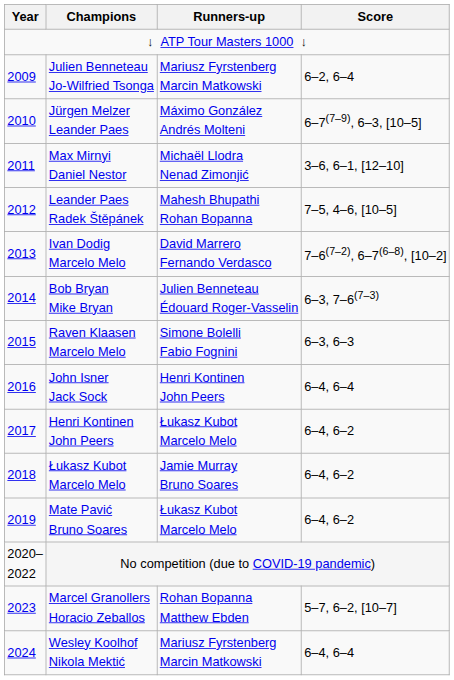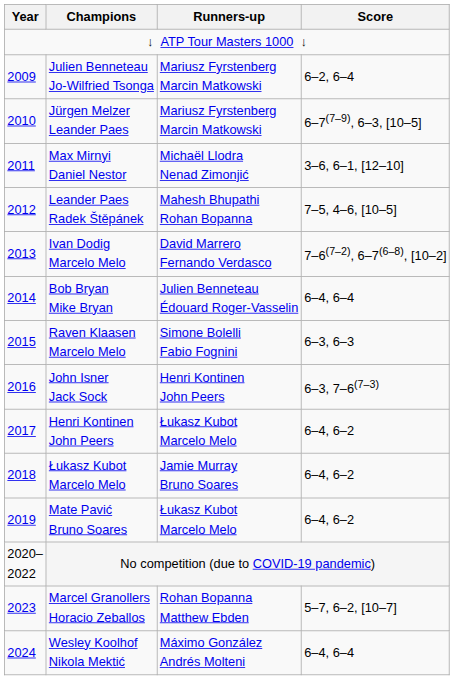 <table class="wikitable sortable" style="font-size:1.00em; line-height:1.5em;">
 <tr>
 <th>Year</th>
 <th>Champions</th>
 <th>Runners-up</th>
 <th class="unsortable">Score</th>
 </tr>
 <tr>
 <td colspan=4 align=center>↓  <a href='#'>ATP Tour Masters 1000</a>  ↓</td>
 </tr>
 <tr>
 <td><a href='#'>2009</a></td>
 <td> <a href='#'>Julien Benneteau</a><br> <a href='#'>Jo-Wilfried Tsonga</a></td>
 <td> <a href='#'>Mariusz Fyrstenberg</a><br> <a href='#'>Marcin Matkowski</a></td>
 <td>6–2, 6–4</td>
 </tr>
 <tr>
 <td><a href='#'>2010</a></td>
 <td> <a href='#'>Jürgen Melzer</a><br> <a href='#'>Leander Paes</a></td>
-<td> <a href='#'>Máximo González</a> <br> <a href='#'>Andrés Molteni</a></td>
+<td> <a href='#'>Mariusz Fyrstenberg</a><br> <a href='#'>Marcin Matkowski</a></td>
 <td>6–7<sup>(7–9)</sup>, 6–3, [10–5]</td>
 </tr>
 <tr>
 <td><a href='#'>2011</a></td>
 <td> <a href='#'>Max Mirnyi</a><br> <a href='#'>Daniel Nestor</a></td>
 <td> <a href='#'>Michaël Llodra</a><br> <a href='#'>Nenad Zimonjić</a></td>
 <td>3–6, 6–1, [12–10]</td>
 </tr>
 <tr>
 <td><a href='#'>2012</a></td>
 <td> <a href='#'>Leander Paes</a> <br> <a href='#'>Radek Štěpánek</a></td>
 <td> <a href='#'>Mahesh Bhupathi</a><br> <a href='#'>Rohan Bopanna</a></td>
 <td>7–5, 4–6, [10–5]</td>
 </tr>
 <tr>
 <td><a href='#'>2013</a></td>
 <td> <a href='#'>Ivan Dodig</a><br> <a href='#'>Marcelo Melo</a></td>
 <td> <a href='#'>David Marrero</a><br> <a href='#'>Fernando Verdasco</a></td>
 <td>7–6<sup>(7–2)</sup>, 6–7<sup>(6–8)</sup>, [10–2]</td>
 </tr>
 <tr>
 <td><a href='#'>2014</a></td>
 <td> <a href='#'>Bob Bryan</a><br> <a href='#'>Mike Bryan</a></td>
 <td> <a href='#'>Julien Benneteau</a><br> <a href='#'>Édouard Roger-Vasselin</a></td>
-<td>6–3, 7–6<sup>(7–3)</sup></td>
+<td>6–4, 6–4</td>
 </tr>
 <tr>
 <td><a href='#'>2015</a></td>
 <td> <a href='#'>Raven Klaasen</a><br> <a href='#'>Marcelo Melo</a> </td>
 <td> <a href='#'>Simone Bolelli</a><br> <a href='#'>Fabio Fognini</a></td>
 <td>6–3, 6–3</td>
 </tr>
 <tr>
 <td><a href='#'>2016</a></td>
 <td> <a href='#'>John Isner</a><br> <a href='#'>Jack Sock</a></td>
 <td> <a href='#'>Henri Kontinen</a><br> <a href='#'>John Peers</a></td>
-<td>6–4, 6–4</td>
+<td>6–3, 7–6<sup>(7–3)</sup></td>
 </tr>
 <tr>
 <td><a href='#'>2017</a></td>
 <td> <a href='#'>Henri Kontinen</a><br> <a href='#'>John Peers</a></td>
 <td> <a href='#'>Łukasz Kubot</a><br> <a href='#'>Marcelo Melo</a></td>
 <td>6–4, 6–2</td>
 </tr>
 <tr>
 <td><a href='#'>2018</a></td>
 <td> <a href='#'>Łukasz Kubot</a> <br> <a href='#'>Marcelo Melo</a> </td>
 <td> <a href='#'>Jamie Murray</a> <br> <a href='#'>Bruno Soares</a></td>
 <td>6–4, 6–2</td>
 </tr>
 <tr>
 <td><a href='#'>2019</a></td>
 <td> <a href='#'>Mate Pavić</a> <br> <a href='#'>Bruno Soares</a></td>
 <td> <a href='#'>Łukasz Kubot</a> <br> <a href='#'>Marcelo Melo</a></td>
 <td>6–4, 6–2</td>
 </tr>
 <tr>
 <td>2020–<br>2022</td>
 <td colspan="3"  style="background:#f5f5f5; text-align:center;">No competition (due to <a href='#'>COVID-19 pandemic</a>)</td>
 </tr>
 <tr>
 <td><a href='#'>2023</a></td>
 <td> <a href='#'>Marcel Granollers</a> <br> <a href='#'>Horacio Zeballos</a></td>
 <td> <a href='#'>Rohan Bopanna</a> <br> <a href='#'>Matthew Ebden</a></td>
 <td>5–7, 6–2, [10–7]</td>
 </tr>
 <tr>
 <td><a href='#'>2024</a></td>
 <td> <a href='#'>Wesley Koolhof</a> <br> <a href='#'>Nikola Mektić</a></td>
-<td> <a href='#'>Mariusz Fyrstenberg</a><br> <a href='#'>Marcin Matkowski</a></td>
+<td> <a href='#'>Máximo González</a> <br> <a href='#'>Andrés Molteni</a></td>
 <td>6–4, 6–4</td>
 </tr>
 </table>
